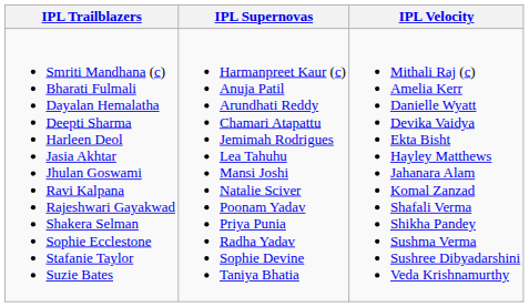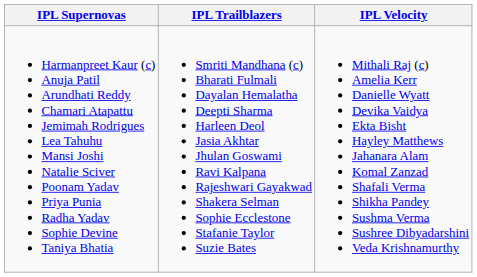 <table class="wikitable" Style="font-size:95%;">
 <tr>
+<th><a href='#'>IPL Supernovas</a></th>
 <th><a href='#'>IPL Trailblazers</a></th>
-<th><a href='#'>IPL Supernovas</a></th>
 <th><a href='#'>IPL Velocity</a></th>
 </tr>
 <tr>
+<td valign=top><br><ul><li> <a href='#'>Harmanpreet Kaur</a> (<a href='#'>c</a>)</li><li> <a href='#'>Anuja Patil</a></li><li> <a href='#'>Arundhati Reddy</a></li><li> <a href='#'>Chamari Atapattu</a></li><li> <a href='#'>Jemimah Rodrigues</a></li><li> <a href='#'>Lea Tahuhu</a></li><li> <a href='#'>Mansi Joshi</a></li><li> <a href='#'>Natalie Sciver</a></li><li> <a href='#'>Poonam Yadav</a></li><li> <a href='#'>Priya Punia</a></li><li> <a href='#'>Radha Yadav</a></li><li> <a href='#'>Sophie Devine</a></li><li> <a href='#'>Taniya Bhatia</a></li></ul></td>
 <td valign=top><br><ul><li> <a href='#'>Smriti Mandhana</a> (<a href='#'>c</a>)</li><li> <a href='#'>Bharati Fulmali</a></li><li> <a href='#'>Dayalan Hemalatha</a></li><li> <a href='#'>Deepti Sharma</a></li><li> <a href='#'>Harleen Deol</a></li><li> <a href='#'>Jasia Akhtar</a></li><li> <a href='#'>Jhulan Goswami</a></li><li> <a href='#'>Ravi Kalpana</a></li><li> <a href='#'>Rajeshwari Gayakwad</a></li><li> <a href='#'>Shakera Selman</a></li><li> <a href='#'>Sophie Ecclestone</a></li><li> <a href='#'>Stafanie Taylor</a></li><li> <a href='#'>Suzie Bates</a></li></ul></td>
-<td valign=top><br><ul><li> <a href='#'>Harmanpreet Kaur</a> (<a href='#'>c</a>)</li><li> <a href='#'>Anuja Patil</a></li><li> <a href='#'>Arundhati Reddy</a></li><li> <a href='#'>Chamari Atapattu</a></li><li> <a href='#'>Jemimah Rodrigues</a></li><li> <a href='#'>Lea Tahuhu</a></li><li> <a href='#'>Mansi Joshi</a></li><li> <a href='#'>Natalie Sciver</a></li><li> <a href='#'>Poonam Yadav</a></li><li> <a href='#'>Priya Punia</a></li><li> <a href='#'>Radha Yadav</a></li><li> <a href='#'>Sophie Devine</a></li><li> <a href='#'>Taniya Bhatia</a></li></ul></td>
 <td valign=top><br><ul><li> <a href='#'>Mithali Raj</a> (<a href='#'>c</a>)</li><li> <a href='#'>Amelia Kerr</a></li><li> <a href='#'>Danielle Wyatt</a></li><li> <a href='#'>Devika Vaidya</a></li><li> <a href='#'>Ekta Bisht</a></li><li> <a href='#'>Hayley Matthews</a></li><li> <a href='#'>Jahanara Alam</a></li><li> <a href='#'>Komal Zanzad</a></li><li> <a href='#'>Shafali Verma</a></li><li> <a href='#'>Shikha Pandey</a></li><li> <a href='#'>Sushma Verma</a></li><li> <a href='#'>Sushree Dibyadarshini</a></li><li> <a href='#'>Veda Krishnamurthy</a></li></ul></td>
 </tr>
 </table>
